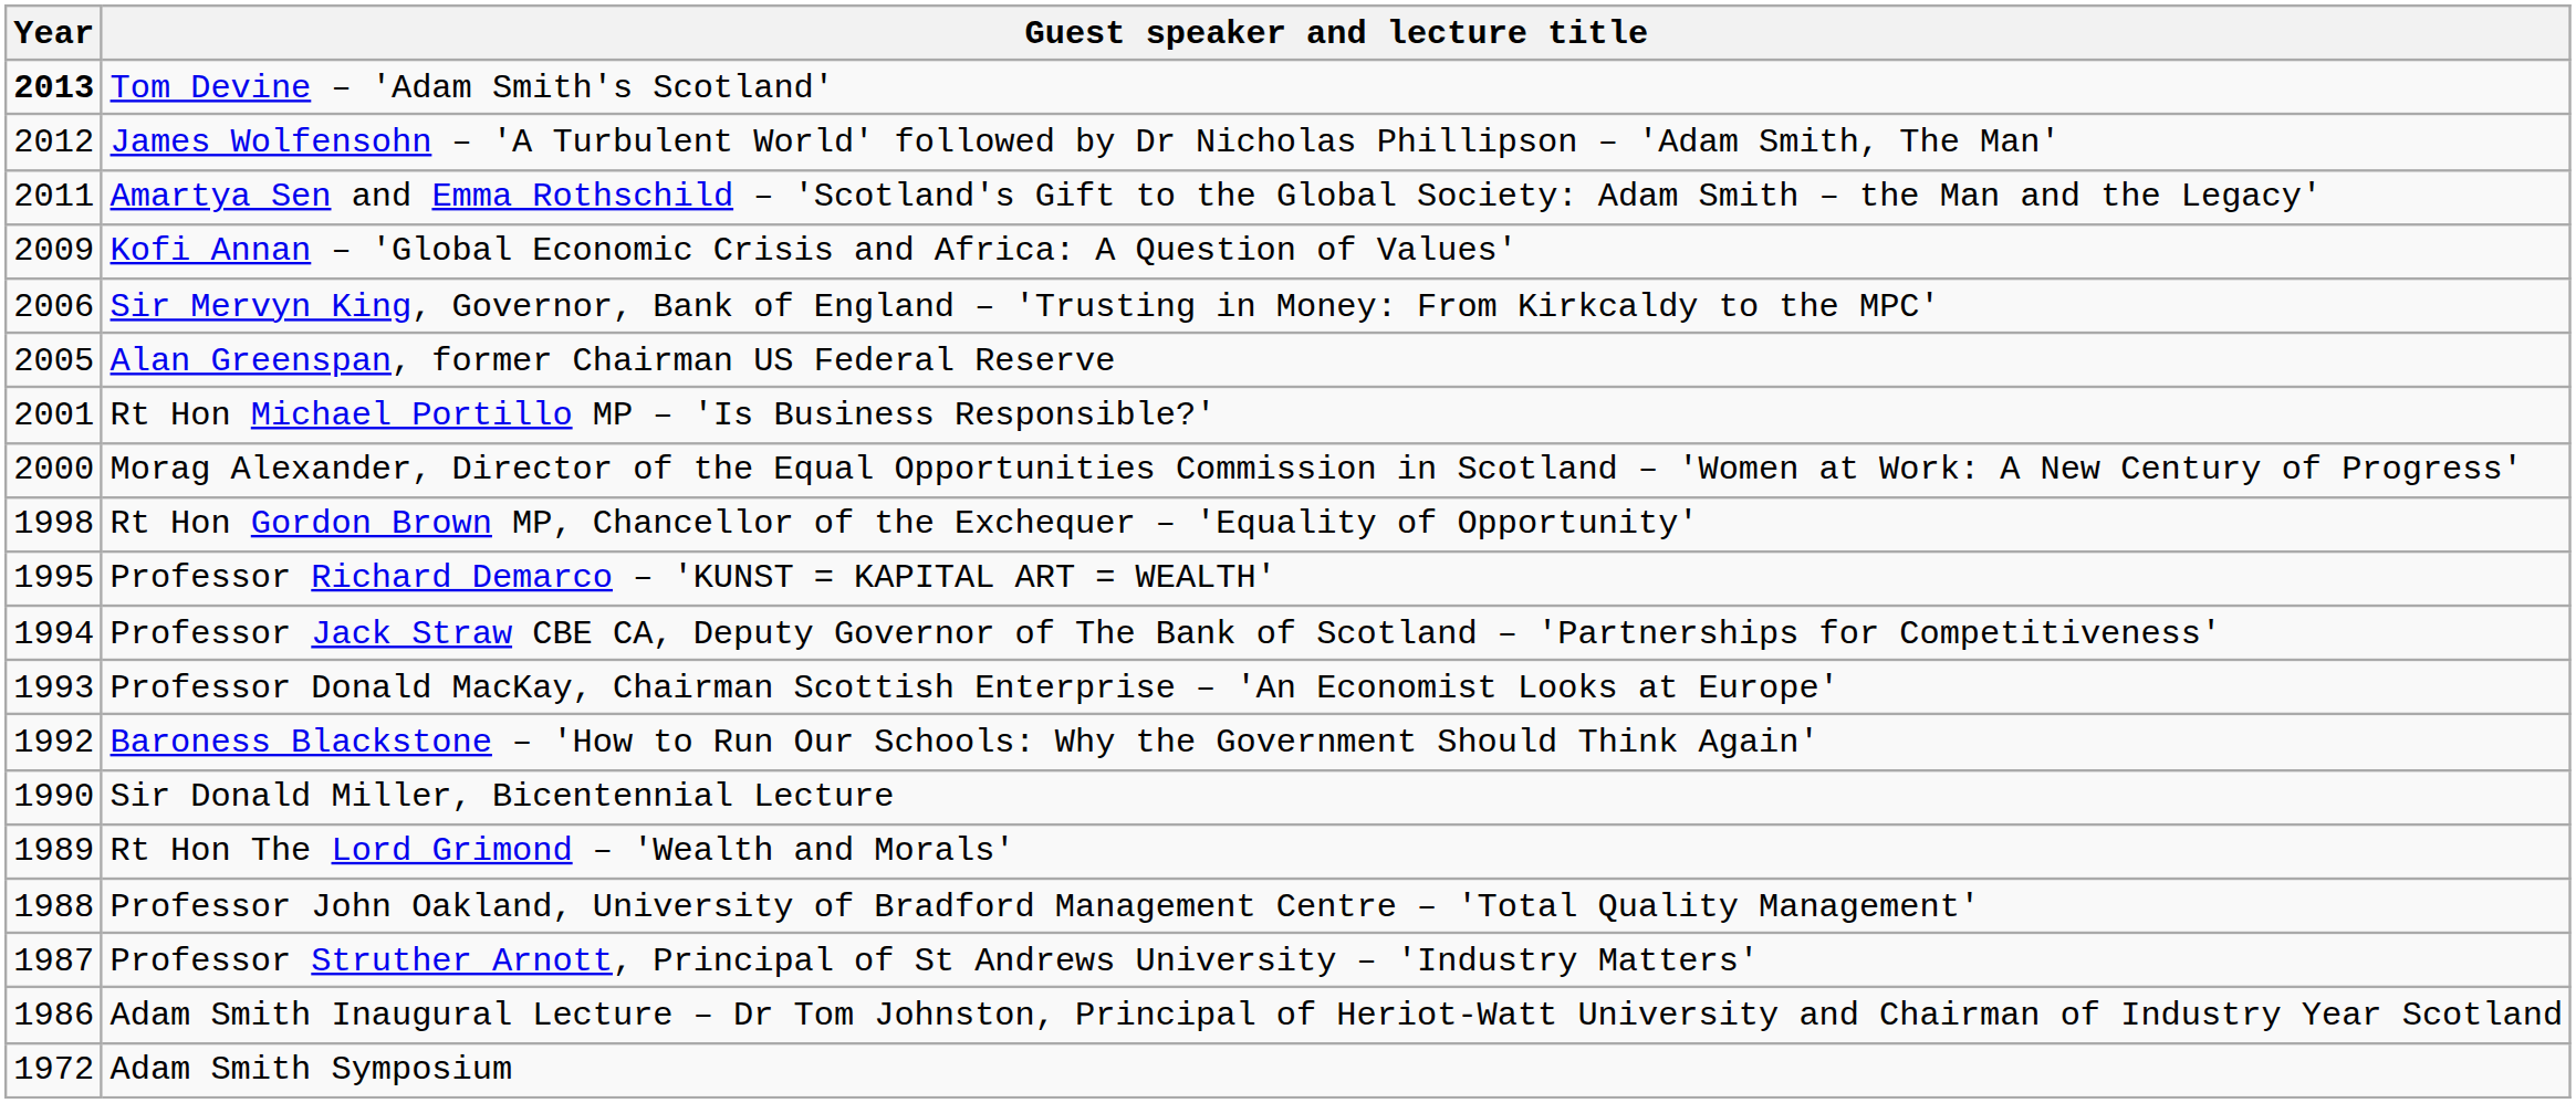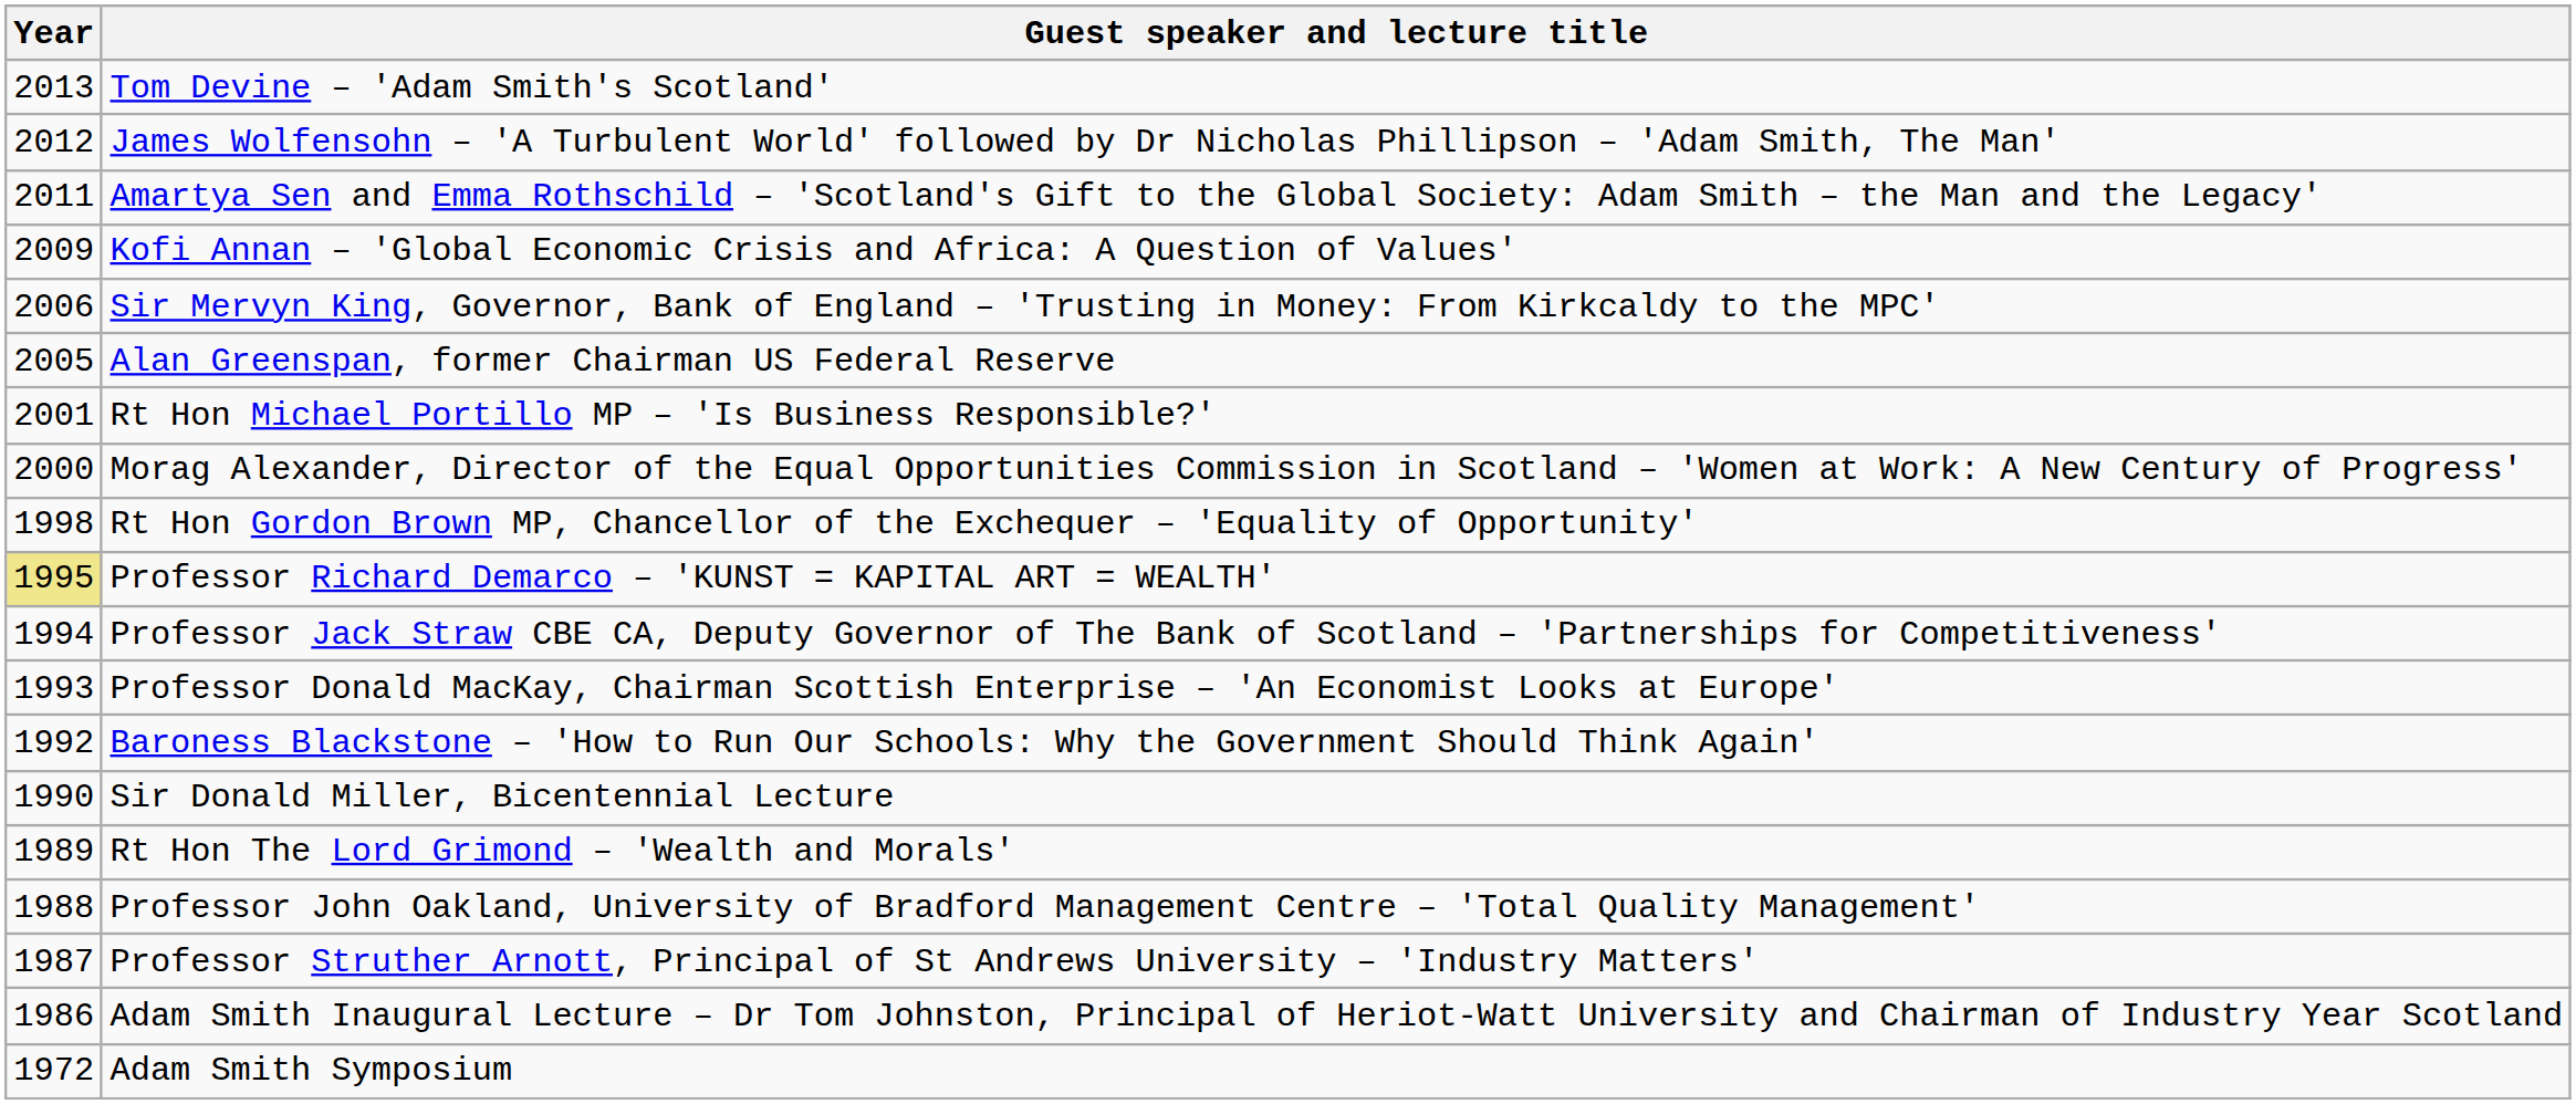 <table class="wikitable">
 <tr>
 <th>Year</th>
 <th>Guest speaker and lecture title</th>
 </tr>
 <tr>
-<td><strong>2013</strong></td>
+<td>2013</td>
 <td><a href='#'>Tom Devine</a> – 'Adam Smith's Scotland'</td>
 </tr>
 <tr>
 <td>2012</td>
 <td><a href='#'>James Wolfensohn</a> – 'A Turbulent World' followed by Dr Nicholas Phillipson – 'Adam Smith, The Man'</td>
 </tr>
 <tr>
 <td>2011</td>
 <td><a href='#'>Amartya Sen</a> and <a href='#'>Emma Rothschild</a> – 'Scotland's Gift to the Global Society: Adam Smith – the Man and the Legacy'</td>
 </tr>
 <tr>
 <td>2009</td>
 <td><a href='#'>Kofi Annan</a> – 'Global Economic Crisis and Africa: A Question of Values'</td>
 </tr>
 <tr>
 <td>2006</td>
 <td><a href='#'>Sir Mervyn King</a>, Governor, Bank of England – 'Trusting in Money: From Kirkcaldy to the MPC'</td>
 </tr>
 <tr>
 <td>2005</td>
 <td><a href='#'>Alan Greenspan</a>, former Chairman US Federal Reserve</td>
 </tr>
 <tr>
 <td>2001</td>
 <td>Rt Hon <a href='#'>Michael Portillo</a> MP – 'Is Business Responsible?'</td>
 </tr>
 <tr>
 <td>2000</td>
 <td>Morag Alexander, Director of the Equal Opportunities Commission in Scotland – 'Women at Work: A New Century of Progress'</td>
 </tr>
 <tr>
 <td>1998</td>
 <td>Rt Hon <a href='#'>Gordon Brown</a> MP, Chancellor of the Exchequer – 'Equality of Opportunity'</td>
 </tr>
 <tr>
-<td>1995</td>
+<td style="background: khaki;">1995</td>
 <td>Professor <a href='#'>Richard Demarco</a> – 'KUNST = KAPITAL  ART = WEALTH'</td>
 </tr>
 <tr>
 <td>1994</td>
 <td>Professor <a href='#'>Jack Straw</a> CBE CA, Deputy Governor of The Bank of Scotland – 'Partnerships for Competitiveness'</td>
 </tr>
 <tr>
 <td>1993</td>
 <td>Professor Donald MacKay, Chairman Scottish Enterprise – 'An Economist Looks at Europe'</td>
 </tr>
 <tr>
 <td>1992</td>
 <td><a href='#'>Baroness Blackstone</a> – 'How to Run Our Schools: Why the Government Should Think Again'</td>
 </tr>
 <tr>
 <td>1990</td>
 <td>Sir Donald Miller, Bicentennial Lecture</td>
 </tr>
 <tr>
 <td>1989</td>
 <td>Rt Hon The <a href='#'>Lord Grimond</a> – 'Wealth and Morals'</td>
 </tr>
 <tr>
 <td>1988</td>
 <td>Professor John Oakland, University of Bradford Management Centre – 'Total Quality Management'</td>
 </tr>
 <tr>
 <td>1987</td>
 <td>Professor <a href='#'>Struther Arnott</a>, Principal of St Andrews University – 'Industry Matters'</td>
 </tr>
 <tr>
 <td>1986</td>
 <td>Adam Smith Inaugural Lecture – Dr Tom Johnston, Principal of Heriot-Watt University and Chairman of Industry Year Scotland</td>
 </tr>
 <tr>
 <td>1972</td>
 <td>Adam Smith Symposium</td>
 </tr>
 </table>
